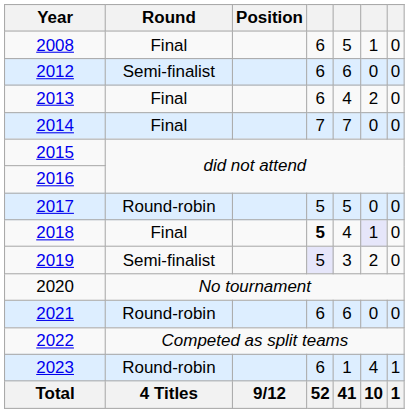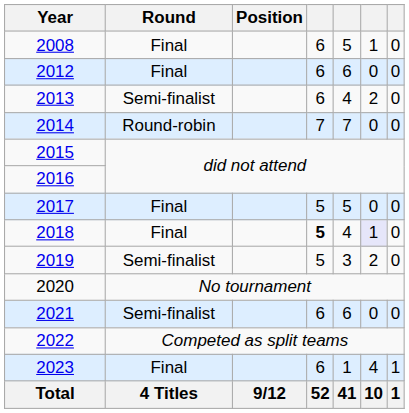 <table class="wikitable" style="text-align: center;">
 <tr>
 <th style="width:5.5em;">Year</th>
 <th style="width:7em;">Round</th>
 <th>Position</th>
 <th></th>
 <th></th>
 <th></th>
 <th></th>
 </tr>
 <tr>
 <td> <a href='#'>2008</a></td>
 <td>Final</td>
 <td></td>
 <td>6</td>
 <td>5</td>
 <td>1</td>
 <td>0</td>
 </tr>
 <tr bgcolor=#ddeeff>
 <td> <a href='#'>2012</a></td>
-<td>Semi-finalist</td>
+<td>Final</td>
 <td></td>
 <td>6</td>
 <td>6</td>
 <td>0</td>
 <td>0</td>
 </tr>
 <tr>
 <td> <a href='#'>2013</a></td>
-<td>Final</td>
+<td>Semi-finalist</td>
 <td></td>
 <td>6</td>
 <td>4</td>
 <td>2</td>
 <td>0</td>
 </tr>
 <tr bgcolor=#ddeeff>
 <td> <a href='#'>2014</a></td>
-<td>Final</td>
+<td>Round-robin</td>
 <td></td>
 <td>7</td>
 <td>7</td>
 <td>0</td>
 <td>0</td>
 </tr>
 <tr>
 <td> <a href='#'>2015</a></td>
 <td colspan="6" rowspan="2"><em>did not attend</em></td>
 </tr>
 <tr>
 <td> <a href='#'>2016</a></td>
 </tr>
 <tr bgcolor=#ddeeff>
 <td> <a href='#'>2017</a></td>
-<td>Round-robin</td>
+<td>Final</td>
 <td></td>
 <td>5</td>
 <td>5</td>
 <td>0</td>
 <td>0</td>
 </tr>
 <tr>
 <td> <a href='#'>2018</a></td>
 <td>Final</td>
 <td></td>
 <td><strong>5</strong></td>
 <td>4</td>
 <td style="background: lavender;">1</td>
 <td>0</td>
 </tr>
 <tr>
 <td> <a href='#'>2019</a></td>
 <td>Semi-finalist</td>
 <td></td>
-<td style="background: lavender;">5</td>
+<td>5</td>
 <td>3</td>
 <td>2</td>
 <td>0</td>
 </tr>
 <tr>
 <td>2020</td>
 <td colspan="6" rowspan=1><em>No tournament</em></td>
 </tr>
 <tr bgcolor=#ddeeff>
 <td> <a href='#'>2021</a></td>
-<td>Round-robin</td>
+<td>Semi-finalist</td>
 <td></td>
 <td>6</td>
 <td>6</td>
 <td>0</td>
 <td>0</td>
 </tr>
 <tr>
 <td> <a href='#'>2022</a></td>
 <td colspan="6" rowspan=1><em>Competed as split teams</em></td>
 </tr>
 <tr bgcolor=#ddeeff>
 <td> <a href='#'>2023</a></td>
-<td>Round-robin</td>
+<td>Final</td>
 <td></td>
 <td>6</td>
 <td>1</td>
 <td>4</td>
 <td>1</td>
 </tr>
 <tr>
 <th>Total</th>
 <th>4 Titles</th>
 <th>9/12</th>
 <th>52</th>
 <th>41</th>
 <th>10</th>
 <th>1</th>
 </tr>
 </table>
